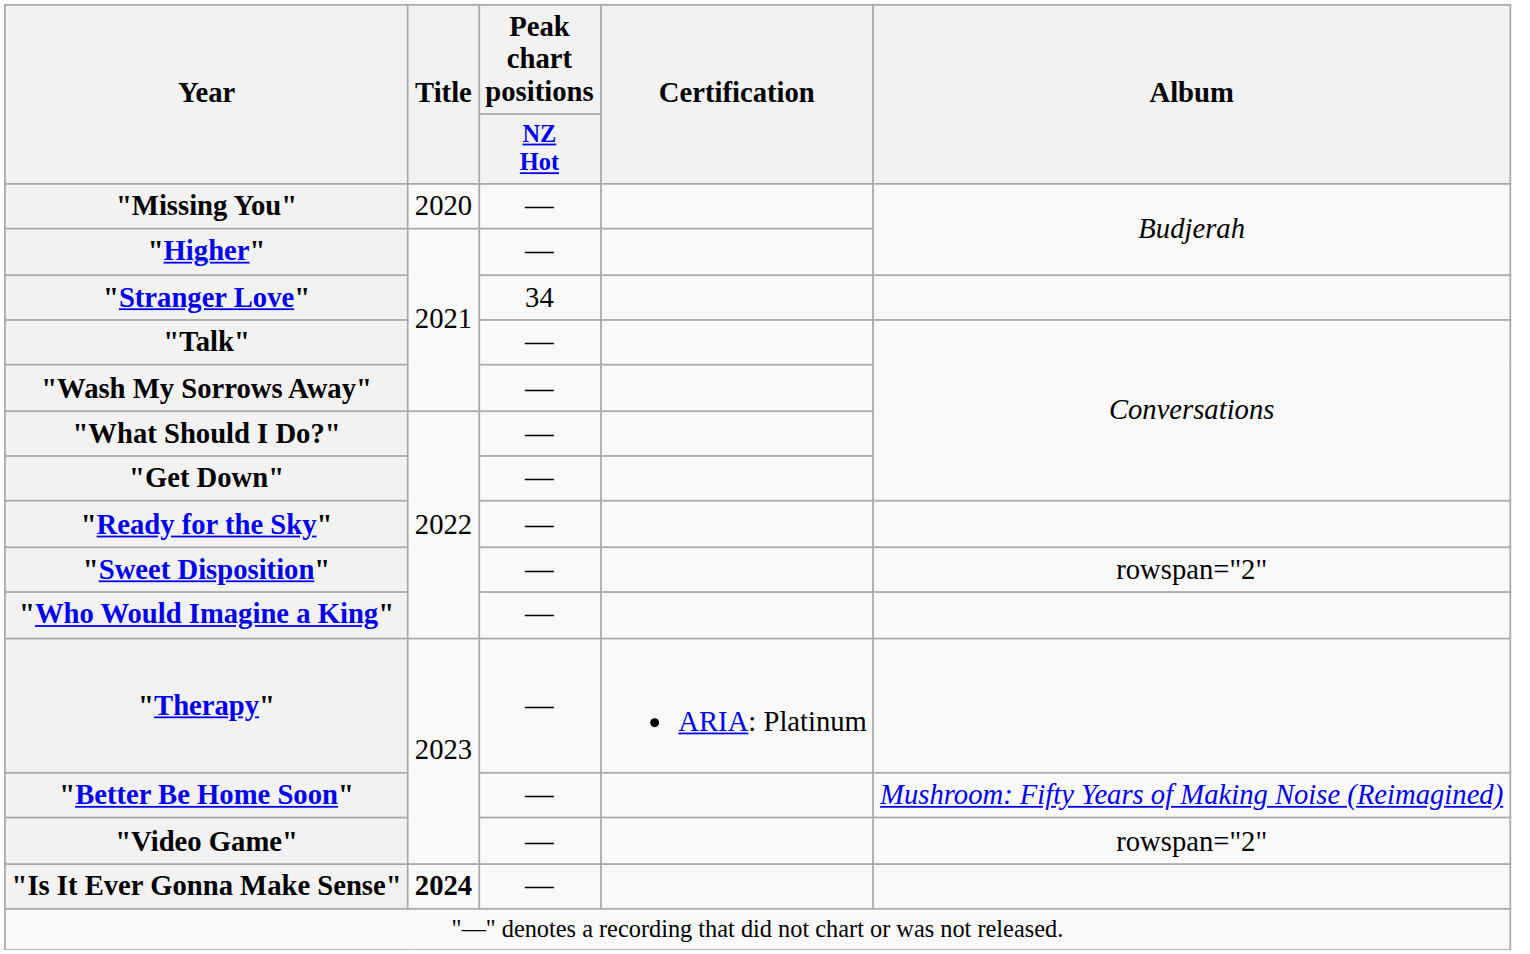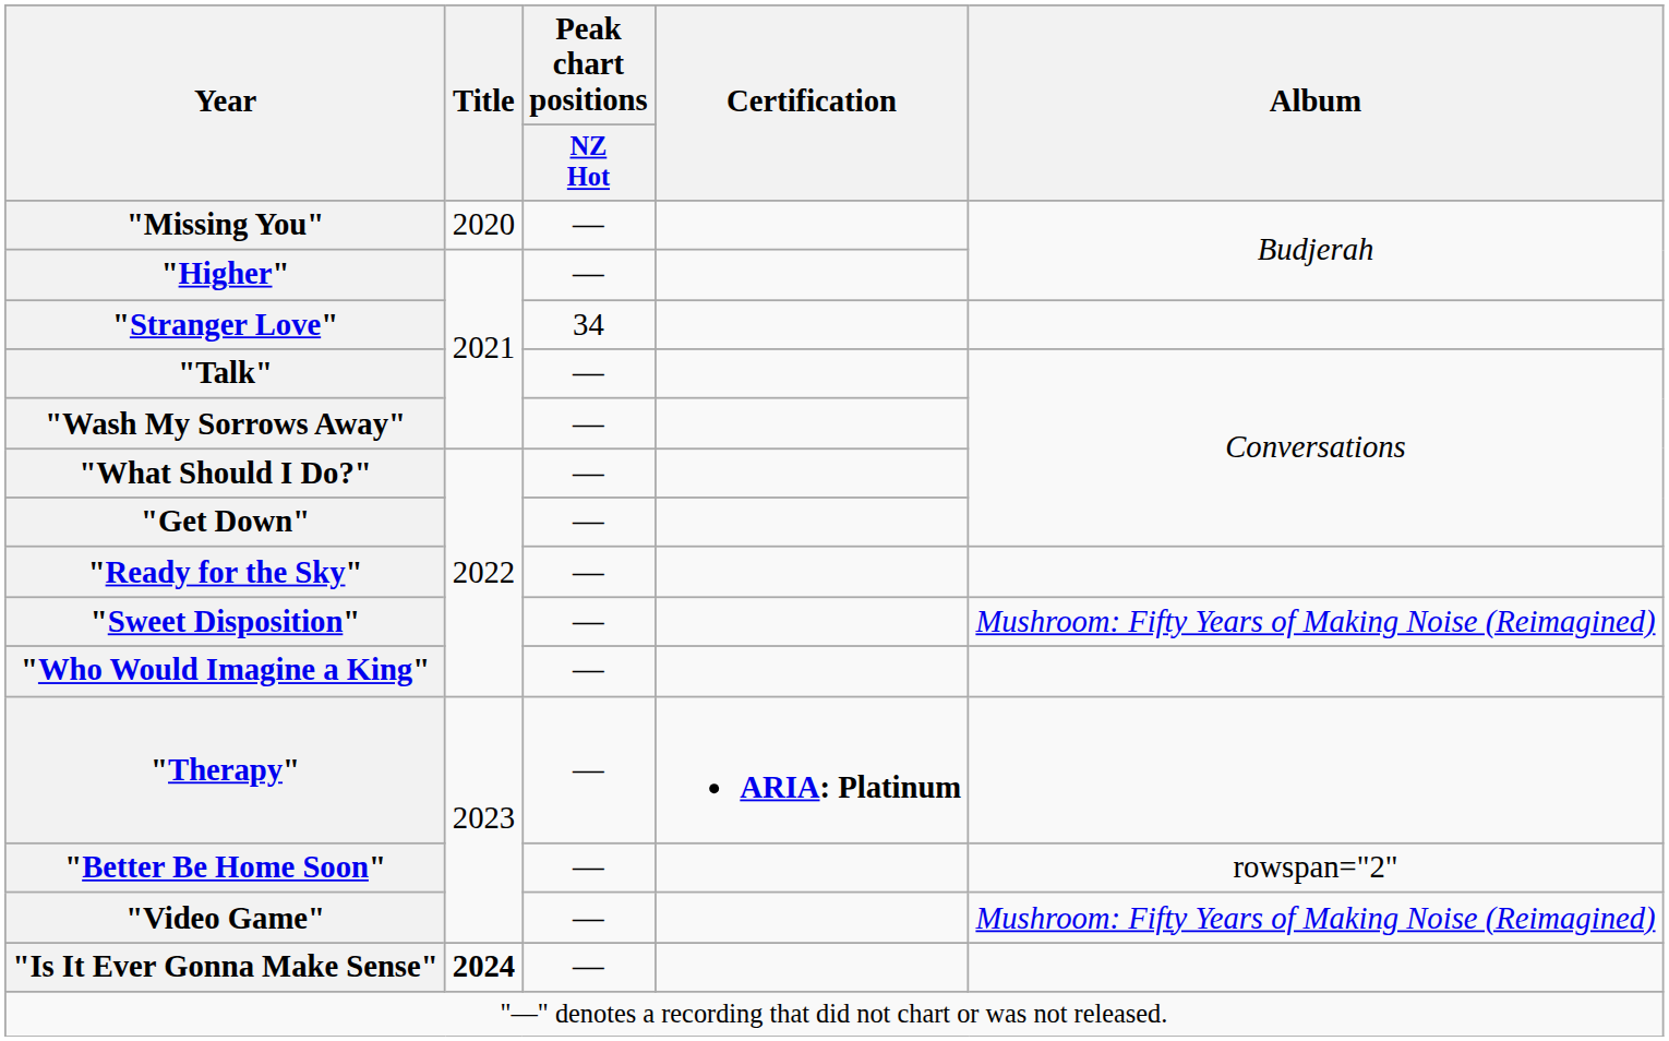 <table class="wikitable plainrowheaders" style="text-align:center;">
 <tr>
 <th scope="col" rowspan="2">Year</th>
 <th scope="col" rowspan="2">Title</th>
 <th scope="col" colspan="1">Peak chart positions</th>
 <th scope="col" rowspan="2">Certification</th>
 <th scope="col" rowspan="2">Album</th>
 </tr>
 <tr>
 <th scope="col" style="width:3em;font-size:85%;"><a href='#'>NZ<br>Hot</a><br></th>
 </tr>
 <tr>
 <th scope="row">"Missing You"</th>
 <td>2020</td>
 <td>—</td>
 <td></td>
 <td rowspan="2"><em>Budjerah</em></td>
 </tr>
 <tr>
 <th scope="row">"<a href='#'>Higher</a>"</th>
 <td rowspan="4">2021</td>
 <td>—</td>
 <td></td>
 </tr>
 <tr>
 <th scope="row">"<a href='#'>Stranger Love</a>"<br></th>
 <td>34</td>
 <td></td>
 <td></td>
 </tr>
 <tr>
 <th scope="row">"Talk"<br></th>
 <td>—</td>
 <td></td>
 <td rowspan="4"><em>Conversations</em></td>
 </tr>
 <tr>
 <th scope="row">"Wash My Sorrows Away"</th>
 <td>—</td>
 <td></td>
 </tr>
 <tr>
 <th scope="row">"What Should I Do?"</th>
 <td rowspan="5">2022</td>
 <td>—</td>
 <td></td>
 </tr>
 <tr>
 <th scope="row">"Get Down"</th>
 <td>—</td>
 <td></td>
 </tr>
 <tr>
 <th scope="row">"<a href='#'>Ready for the Sky</a>"</th>
 <td>—</td>
 <td></td>
 <td></td>
 </tr>
 <tr>
 <th scope="row">"<a href='#'>Sweet Disposition</a>"<br></th>
 <td>—</td>
 <td></td>
-<td>rowspan="2" </td>
+<td><em><a href='#'>Mushroom: Fifty Years of Making Noise (Reimagined)</a></em></td>
 </tr>
 <tr>
 <th scope="row">"<a href='#'>Who Would Imagine a King</a>"</th>
 <td>—</td>
 <td></td>
 </tr>
 <tr>
 <th scope="row">"<a href='#'>Therapy</a>"</th>
 <td rowspan="3">2023</td>
 <td>—</td>
-<td><br><ul><li><a href='#'>ARIA</a>: Platinum</li></ul></td>
+<td><strong><br><ul><li><a href='#'>ARIA</a>: Platinum</li></ul></strong></td>
 <td></td>
 </tr>
 <tr>
 <th scope="row">"<a href='#'>Better Be Home Soon</a>"<br></th>
 <td>—</td>
 <td></td>
-<td><em><a href='#'>Mushroom: Fifty Years of Making Noise (Reimagined)</a></em></td>
+<td>rowspan="2" </td>
 </tr>
 <tr>
 <th scope="row">"Video Game"</th>
 <td>—</td>
 <td></td>
-<td>rowspan="2" </td>
+<td><em><a href='#'>Mushroom: Fifty Years of Making Noise (Reimagined)</a></em></td>
 </tr>
 <tr>
 <th scope="row">"Is It Ever Gonna Make Sense"</th>
 <td><strong>2024</strong></td>
 <td>—</td>
 <td></td>
 </tr>
 <tr>
 <td colspan="5" style="font-size:85%">"—" denotes a recording that did not chart or was not released.</td>
 </tr>
 </table>
